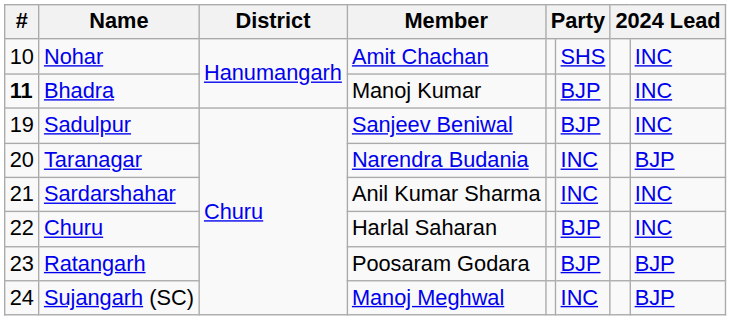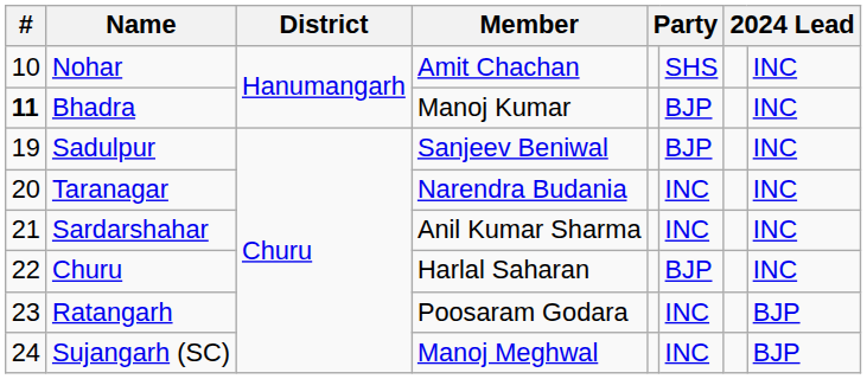 <table class="wikitable">
 <tr>
 <th>#</th>
 <th>Name</th>
 <th>District</th>
 <th>Member</th>
 <th colspan="2">Party</th>
 <th colspan="2">2024 Lead</th>
 </tr>
 <tr>
 <td>10</td>
 <td><a href='#'>Nohar</a></td>
 <td rowspan="2"><a href='#'>Hanumangarh</a></td>
 <td><a href='#'>Amit Chachan</a></td>
 <td style="background-color: "></td>
 <td><a href='#'>SHS</a></td>
 <td style="background-color: "></td>
 <td><a href='#'>INC</a></td>
 </tr>
 <tr>
 <td><strong>11</strong></td>
 <td><a href='#'>Bhadra</a></td>
 <td>Manoj Kumar</td>
 <td style="background-color: "></td>
 <td><a href='#'>BJP</a></td>
 <td style="background-color: "></td>
 <td><a href='#'>INC</a></td>
 </tr>
 <tr>
 <td>19</td>
 <td><a href='#'>Sadulpur</a></td>
 <td rowspan="6"><a href='#'>Churu</a></td>
 <td><a href='#'>Sanjeev Beniwal</a></td>
 <td style="background-color: "></td>
 <td><a href='#'>BJP</a></td>
 <td style="background-color: "></td>
 <td><a href='#'>INC</a></td>
 </tr>
 <tr>
 <td>20</td>
 <td><a href='#'>Taranagar</a></td>
 <td><a href='#'>Narendra Budania</a></td>
 <td style="background-color: "></td>
 <td><a href='#'>INC</a></td>
 <td style="background-color: "></td>
-<td><a href='#'>BJP</a></td>
+<td><a href='#'>INC</a></td>
 </tr>
 <tr>
 <td>21</td>
 <td><a href='#'>Sardarshahar</a></td>
 <td>Anil Kumar Sharma</td>
 <td style="background-color: "></td>
 <td><a href='#'>INC</a></td>
 <td style="background-color: "></td>
 <td><a href='#'>INC</a></td>
 </tr>
 <tr>
 <td>22</td>
 <td><a href='#'>Churu</a></td>
 <td>Harlal Saharan</td>
 <td style="background-color: "></td>
 <td><a href='#'>BJP</a></td>
 <td style="background-color: "></td>
 <td><a href='#'>INC</a></td>
 </tr>
 <tr>
 <td>23</td>
 <td><a href='#'>Ratangarh</a></td>
 <td>Poosaram Godara</td>
 <td style="background-color: "></td>
-<td><a href='#'>BJP</a></td>
+<td><a href='#'>INC</a></td>
 <td style="background-color: "></td>
 <td><a href='#'>BJP</a></td>
 </tr>
 <tr>
 <td>24</td>
 <td><a href='#'>Sujangarh</a> (SC)</td>
 <td><a href='#'>Manoj Meghwal</a></td>
 <td style="background-color: "></td>
 <td><a href='#'>INC</a></td>
 <td style="background-color: "></td>
 <td><a href='#'>BJP</a></td>
 </tr>
 </table>
